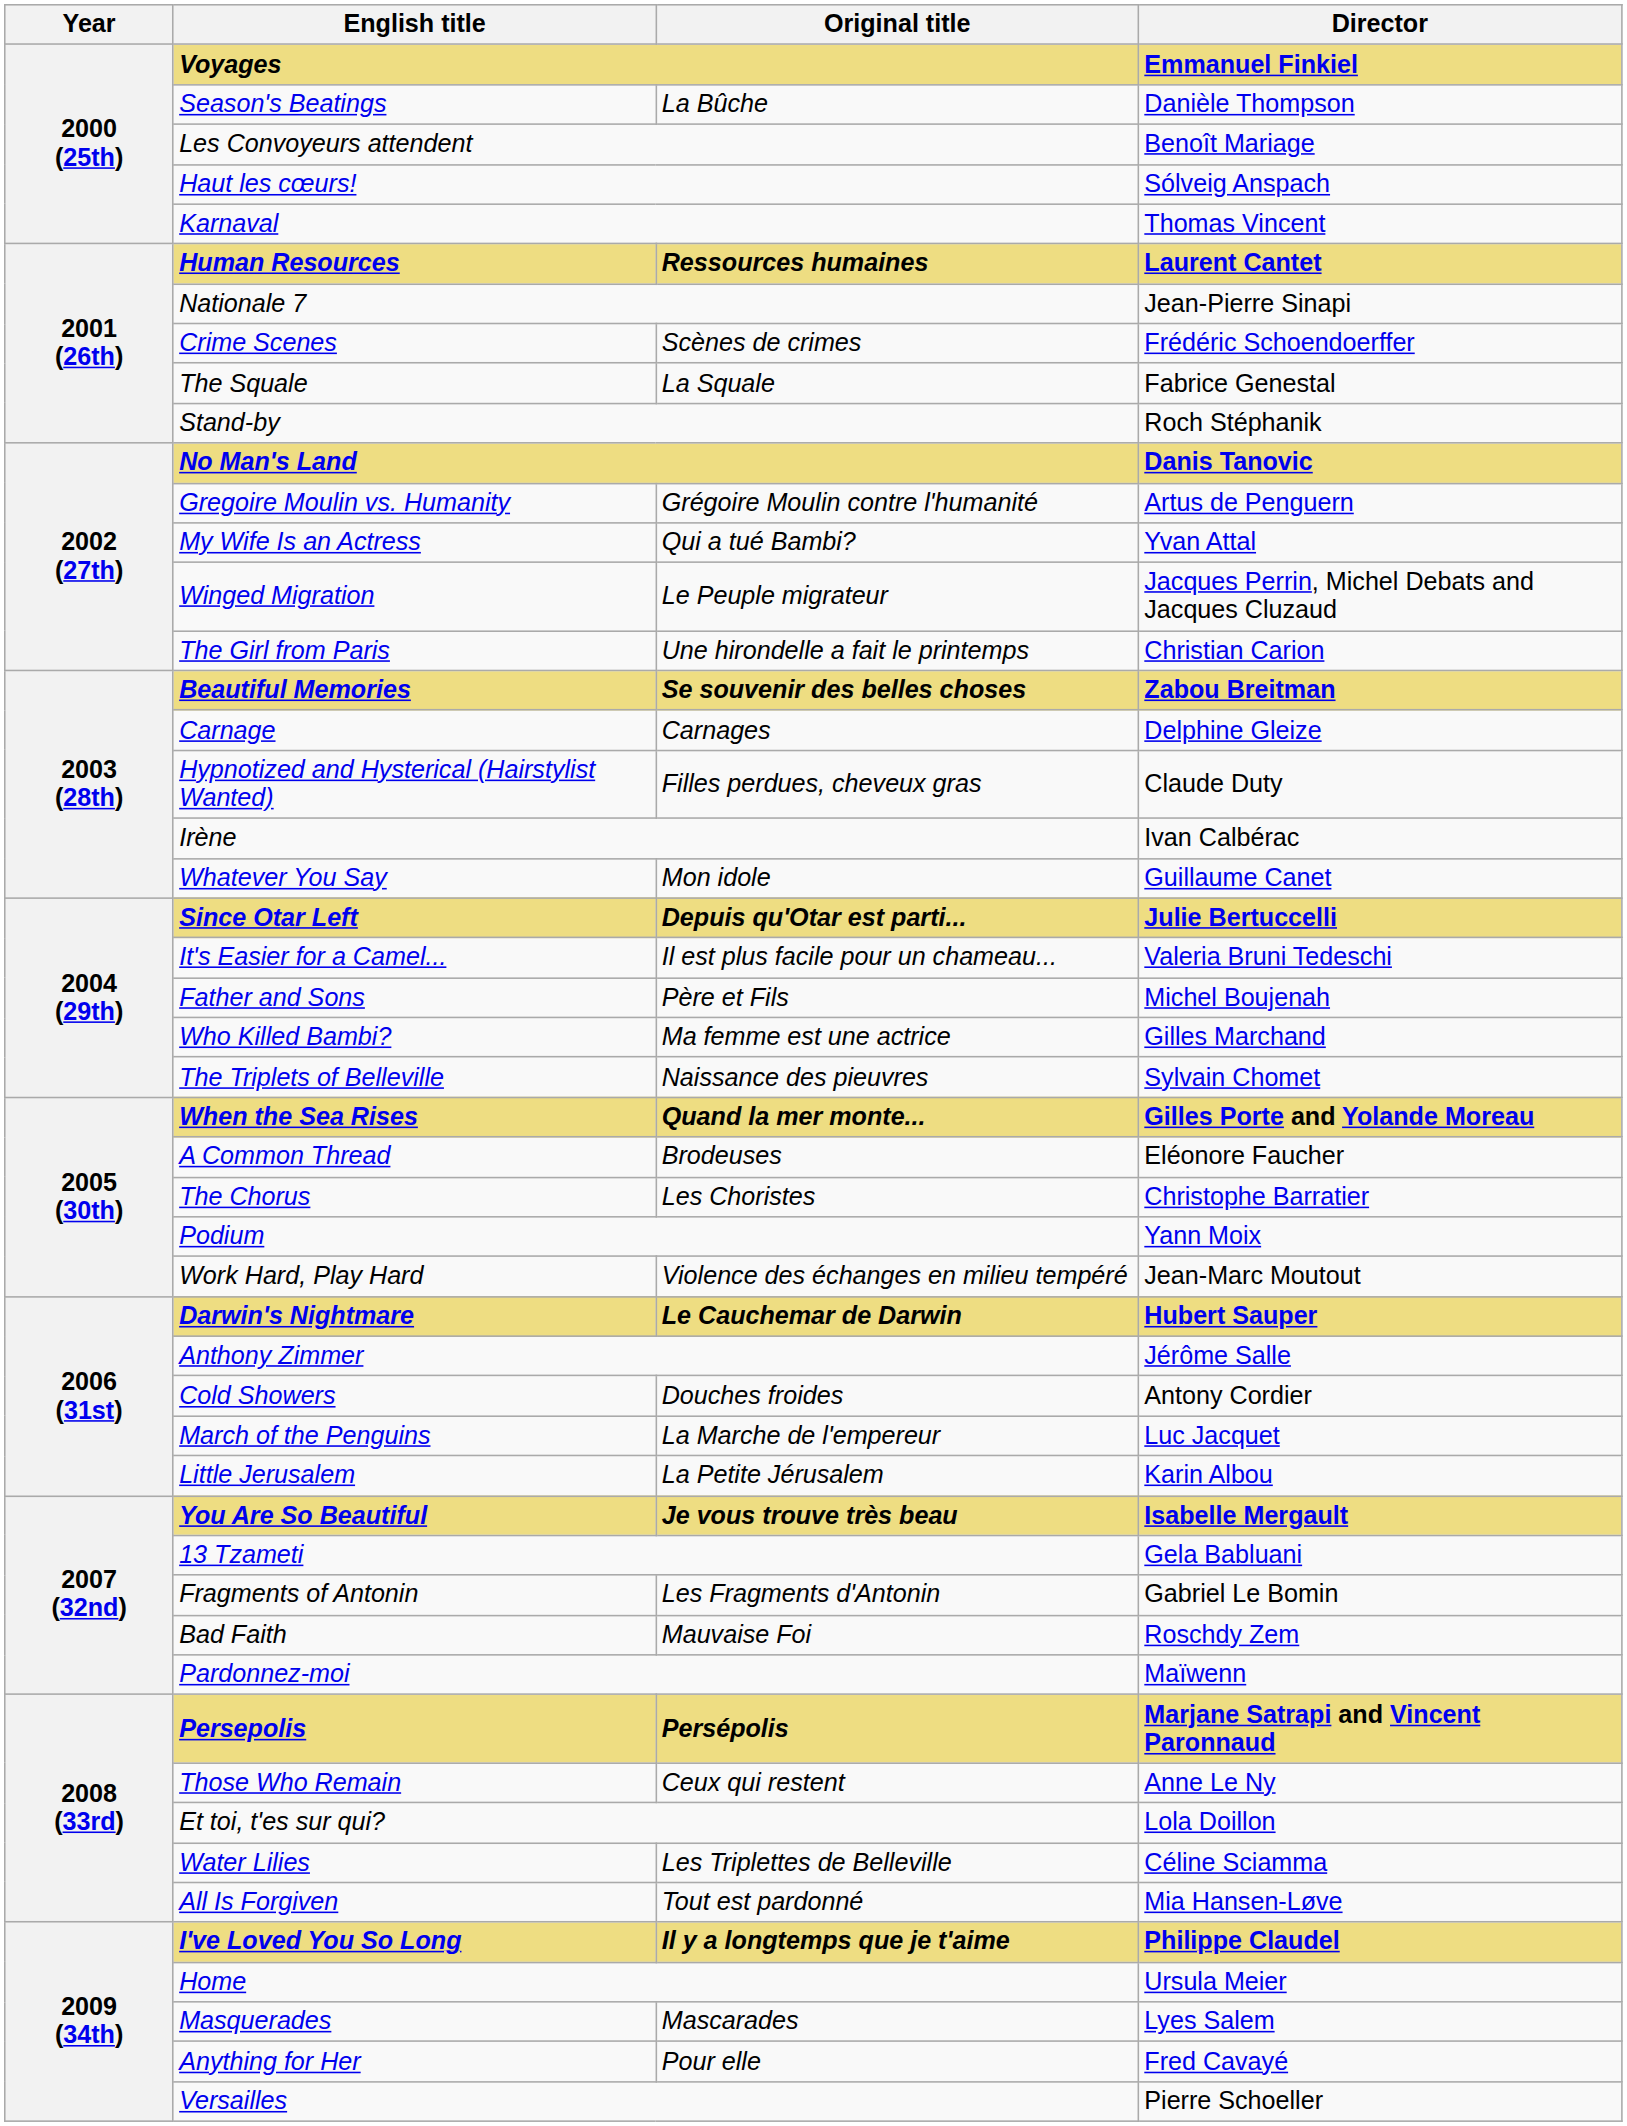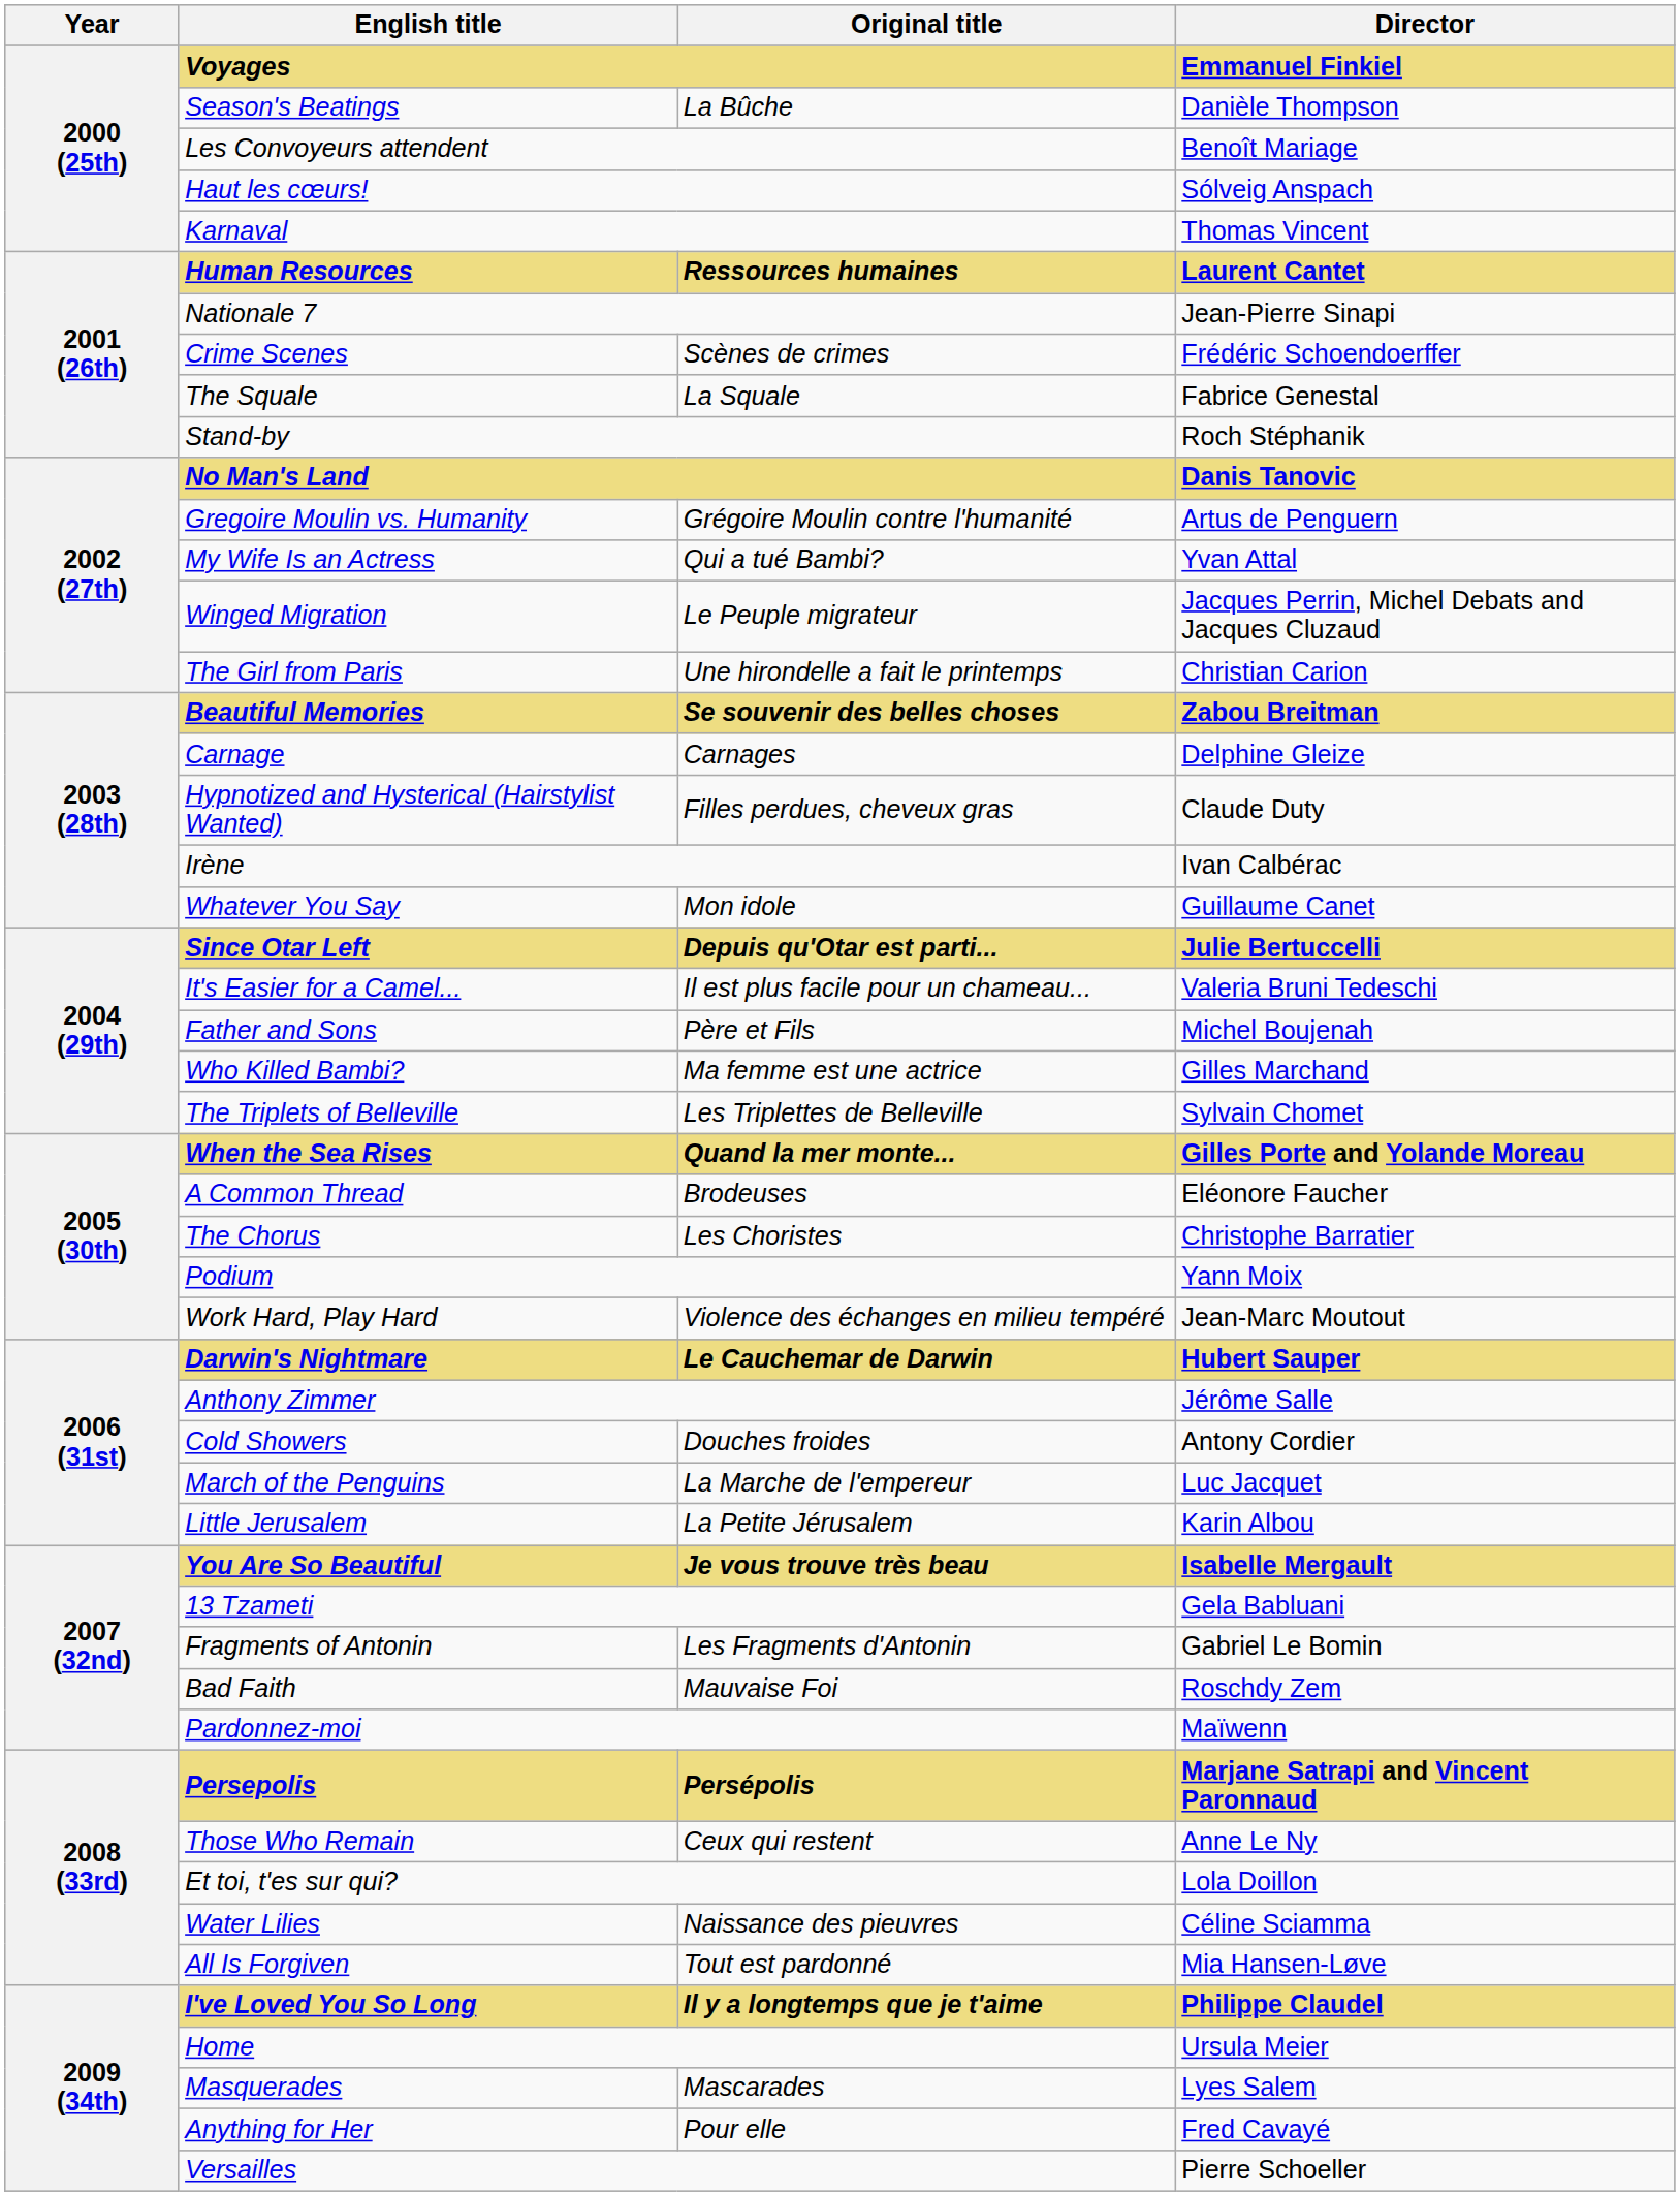 <table class="wikitable">
 <tr>
 <th width="100">Year</th>
 <th width="300">English title</th>
 <th width="300">Original title</th>
 <th width="300">Director</th>
 </tr>
 <tr>
 <th rowspan="5" style="text-align:center;">2000<br>(<a href='#'>25th</a>)</th>
 <td colspan="2" style="background:#eedd82;"><strong><em>Voyages</em></strong></td>
 <td style="background:#eedd82;"><strong><a href='#'>Emmanuel Finkiel</a></strong></td>
 </tr>
 <tr>
 <td><em><a href='#'>Season's Beatings</a></em></td>
 <td><em>La Bûche</em></td>
 <td><a href='#'>Danièle Thompson</a></td>
 </tr>
 <tr>
 <td colspan="2"><em>Les Convoyeurs attendent</em></td>
 <td><a href='#'>Benoît Mariage</a></td>
 </tr>
 <tr>
 <td colspan="2"><em><a href='#'>Haut les cœurs!</a></em></td>
 <td><a href='#'>Sólveig Anspach</a></td>
 </tr>
 <tr>
 <td colspan="2"><em><a href='#'>Karnaval</a></em></td>
 <td><a href='#'>Thomas Vincent</a></td>
 </tr>
 <tr>
 <th rowspan="5" style="text-align:center;">2001<br>(<a href='#'>26th</a>)</th>
 <td style="background:#eedd82;"><em><a href='#'><strong>Human Resources</strong></a></em></td>
 <td style="background:#eedd82;"><strong><em>Ressources humaines</em></strong></td>
 <td style="background:#eedd82;"><strong><a href='#'>Laurent Cantet</a></strong></td>
 </tr>
 <tr>
 <td colspan="2"><em>Nationale 7</em></td>
 <td>Jean-Pierre Sinapi</td>
 </tr>
 <tr>
 <td><em><a href='#'>Crime Scenes</a></em></td>
 <td><em>Scènes de crimes</em></td>
 <td><a href='#'>Frédéric Schoendoerffer</a></td>
 </tr>
 <tr>
 <td><em>The Squale</em></td>
 <td><em>La Squale</em></td>
 <td>Fabrice Genestal</td>
 </tr>
 <tr>
 <td colspan="2"><em>Stand-by</em></td>
 <td>Roch Stéphanik</td>
 </tr>
 <tr>
 <th rowspan="5" style="text-align:center;">2002<br>(<a href='#'>27th</a>)</th>
 <td colspan="2" style="background:#eedd82;"><em><a href='#'><strong>No Man's Land</strong></a></em></td>
 <td style="background:#eedd82;"><strong><a href='#'>Danis Tanovic</a></strong></td>
 </tr>
 <tr>
 <td><em><a href='#'>Gregoire Moulin vs. Humanity</a></em></td>
 <td><em>Grégoire Moulin contre l'humanité</em></td>
 <td><a href='#'>Artus de Penguern</a></td>
 </tr>
 <tr>
 <td><em><a href='#'>My Wife Is an Actress</a></em></td>
 <td><em>Qui a tué Bambi? </em></td>
 <td><a href='#'>Yvan Attal</a></td>
 </tr>
 <tr>
 <td><em><a href='#'>Winged Migration</a></em></td>
 <td><em>Le Peuple migrateur</em></td>
 <td><a href='#'>Jacques Perrin</a>, Michel Debats and Jacques Cluzaud</td>
 </tr>
 <tr>
 <td><em><a href='#'>The Girl from Paris</a></em></td>
 <td><em>Une hirondelle a fait le printemps</em></td>
 <td><a href='#'>Christian Carion</a></td>
 </tr>
 <tr>
 <th rowspan="5" style="text-align:center;">2003<br>(<a href='#'>28th</a>)</th>
 <td style="background:#eedd82;"><strong><em><a href='#'>Beautiful Memories</a></em></strong></td>
 <td style="background:#eedd82;"><strong><em>Se souvenir des belles choses</em></strong></td>
 <td style="background:#eedd82;"><strong><a href='#'>Zabou Breitman</a></strong></td>
 </tr>
 <tr>
 <td><em><a href='#'>Carnage</a></em></td>
 <td><em>Carnages</em></td>
 <td><a href='#'>Delphine Gleize</a></td>
 </tr>
 <tr>
 <td><em><a href='#'>Hypnotized and Hysterical (Hairstylist Wanted)</a></em></td>
 <td><em>Filles perdues, cheveux gras</em></td>
 <td>Claude Duty</td>
 </tr>
 <tr>
 <td colspan="2"><em>Irène</em></td>
 <td>Ivan Calbérac</td>
 </tr>
 <tr>
 <td><em><a href='#'>Whatever You Say</a></em></td>
 <td><em>Mon idole</em></td>
 <td><a href='#'>Guillaume Canet</a></td>
 </tr>
 <tr>
 <th rowspan="5" style="text-align:center;">2004<br>(<a href='#'>29th</a>)</th>
 <td style="background:#eedd82;"><strong><em><a href='#'>Since Otar Left</a></em></strong></td>
 <td style="background:#eedd82;"><strong><em>Depuis qu'Otar est parti...</em></strong></td>
 <td style="background:#eedd82;"><strong><a href='#'>Julie Bertuccelli</a></strong></td>
 </tr>
 <tr>
 <td><em><a href='#'>It's Easier for a Camel...</a></em></td>
 <td><em>Il est plus facile pour un chameau...</em></td>
 <td><a href='#'>Valeria Bruni Tedeschi</a></td>
 </tr>
 <tr>
 <td><em><a href='#'>Father and Sons</a></em></td>
 <td><em>Père et Fils</em></td>
 <td><a href='#'>Michel Boujenah</a></td>
 </tr>
 <tr>
 <td><em><a href='#'>Who Killed Bambi?</a></em></td>
 <td><em>Ma femme est une actrice</em></td>
 <td><a href='#'>Gilles Marchand</a></td>
 </tr>
 <tr>
 <td><em><a href='#'>The Triplets of Belleville</a></em></td>
-<td><em>Naissance des pieuvres</em></td>
+<td><em>Les Triplettes de Belleville</em></td>
 <td><a href='#'>Sylvain Chomet</a></td>
 </tr>
 <tr>
 <th rowspan="5" style="text-align:center;">2005<br>(<a href='#'>30th</a>)</th>
 <td style="background:#eedd82;"><strong><em><a href='#'>When the Sea Rises</a></em></strong></td>
 <td style="background:#eedd82;"><strong><em>Quand la mer monte...</em></strong></td>
 <td style="background:#eedd82;"><strong><a href='#'>Gilles Porte</a> and <a href='#'>Yolande Moreau</a></strong></td>
 </tr>
 <tr>
 <td><em><a href='#'>A Common Thread</a></em></td>
 <td><em>Brodeuses</em></td>
 <td>Eléonore Faucher</td>
 </tr>
 <tr>
 <td><em><a href='#'>The Chorus</a></em></td>
 <td><em>Les Choristes</em></td>
 <td><a href='#'>Christophe Barratier</a></td>
 </tr>
 <tr>
 <td colspan="2"><em><a href='#'>Podium</a></em></td>
 <td><a href='#'>Yann Moix</a></td>
 </tr>
 <tr>
 <td><em>Work Hard, Play Hard</em></td>
 <td><em>Violence des échanges en milieu tempéré</em></td>
 <td>Jean-Marc Moutout</td>
 </tr>
 <tr>
 <th rowspan="5" style="text-align:center;">2006<br>(<a href='#'>31st</a>)</th>
 <td style="background:#eedd82;"><strong><em><a href='#'>Darwin's Nightmare</a></em></strong></td>
 <td style="background:#eedd82;"><strong><em>Le Cauchemar de Darwin</em></strong></td>
 <td style="background:#eedd82;"><strong><a href='#'>Hubert Sauper</a></strong></td>
 </tr>
 <tr>
 <td colspan="2"><em><a href='#'>Anthony Zimmer</a></em></td>
 <td><a href='#'>Jérôme Salle</a></td>
 </tr>
 <tr>
 <td><em><a href='#'>Cold Showers</a></em></td>
 <td><em>Douches froides</em></td>
 <td>Antony Cordier</td>
 </tr>
 <tr>
 <td><em><a href='#'>March of the Penguins</a></em></td>
 <td><em>La Marche de l'empereur</em></td>
 <td><a href='#'>Luc Jacquet</a></td>
 </tr>
 <tr>
 <td><em><a href='#'>Little Jerusalem</a></em></td>
 <td><em>La Petite Jérusalem</em></td>
 <td><a href='#'>Karin Albou</a></td>
 </tr>
 <tr>
 <th rowspan="5" style="text-align:center;">2007<br>(<a href='#'>32nd</a>)</th>
 <td style="background:#eedd82;"><em><a href='#'><strong>You Are So Beautiful</strong></a></em></td>
 <td style="background:#eedd82;"><strong><em>Je vous trouve très beau</em></strong></td>
 <td style="background:#eedd82;"><strong><a href='#'>Isabelle Mergault</a></strong></td>
 </tr>
 <tr>
 <td colspan="2"><em><a href='#'>13 Tzameti</a></em></td>
 <td><a href='#'>Gela Babluani</a></td>
 </tr>
 <tr>
 <td><em>Fragments of Antonin</em></td>
 <td><em>Les Fragments d'Antonin</em></td>
 <td>Gabriel Le Bomin</td>
 </tr>
 <tr>
 <td><em>Bad Faith</em></td>
 <td><em>Mauvaise Foi</em></td>
 <td><a href='#'>Roschdy Zem</a></td>
 </tr>
 <tr>
 <td colspan="2"><em><a href='#'>Pardonnez-moi</a></em></td>
 <td><a href='#'>Maïwenn</a></td>
 </tr>
 <tr>
 <th rowspan="5" style="text-align:center;">2008<br>(<a href='#'>33rd</a>)</th>
 <td style="background:#eedd82;"><em><a href='#'><strong>Persepolis</strong></a></em></td>
 <td style="background:#eedd82;"><strong><em>Persépolis</em></strong></td>
 <td style="background:#eedd82;"><strong><a href='#'>Marjane Satrapi</a> and <a href='#'>Vincent Paronnaud</a></strong></td>
 </tr>
 <tr>
 <td><em><a href='#'>Those Who Remain</a></em></td>
 <td><em>Ceux qui restent</em></td>
 <td><a href='#'>Anne Le Ny</a></td>
 </tr>
 <tr>
 <td colspan="2"><em>Et toi, t'es sur qui?</em></td>
 <td><a href='#'>Lola Doillon</a></td>
 </tr>
 <tr>
 <td><em><a href='#'>Water Lilies</a></em></td>
-<td><em>Les Triplettes de Belleville</em></td>
+<td><em>Naissance des pieuvres</em></td>
 <td><a href='#'>Céline Sciamma</a></td>
 </tr>
 <tr>
 <td><em><a href='#'>All Is Forgiven</a></em></td>
 <td><em>Tout est pardonné</em></td>
 <td><a href='#'>Mia Hansen-Løve</a></td>
 </tr>
 <tr>
 <th rowspan="5" style="text-align:center;">2009<br>(<a href='#'>34th</a>)</th>
 <td style="background:#eedd82;"><strong><em><a href='#'>I've Loved You So Long</a></em></strong></td>
 <td style="background:#eedd82;"><strong><em>Il y a longtemps que je t'aime</em></strong></td>
 <td style="background:#eedd82;"><strong><a href='#'>Philippe Claudel</a></strong></td>
 </tr>
 <tr>
 <td colspan="2"><em><a href='#'>Home</a></em></td>
 <td><a href='#'>Ursula Meier</a></td>
 </tr>
 <tr>
 <td><em><a href='#'>Masquerades</a></em></td>
 <td><em>Mascarades</em></td>
 <td><a href='#'>Lyes Salem</a></td>
 </tr>
 <tr>
 <td><em><a href='#'>Anything for Her</a></em></td>
 <td><em>Pour elle</em></td>
 <td><a href='#'>Fred Cavayé</a></td>
 </tr>
 <tr>
 <td colspan="2"><em><a href='#'>Versailles</a></em></td>
 <td>Pierre Schoeller</td>
 </tr>
 </table>
